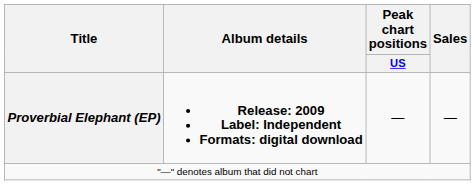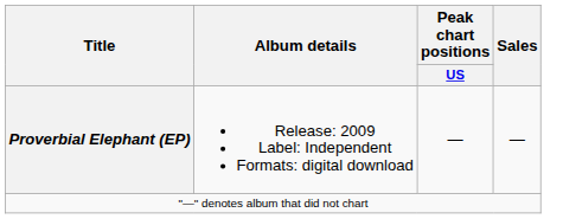 <table class="wikitable plainrowheaders" style="text-align:center;">
 <tr>
 <th scope="col" rowspan="2">Title</th>
 <th scope="col" rowspan="2">Album details</th>
 <th scope="col" colspan="1">Peak chart positions</th>
 <th scope="col" rowspan="2">Sales</th>
 </tr>
 <tr>
 <th scope="col" style="width:3em;font-size:85%;"><a href='#'>US</a></th>
 </tr>
 <tr>
 <th scope="row"><em>Proverbial Elephant (EP)</em></th>
-<td><strong><br><ul><li>Release: 2009</li><li>Label: Independent</li><li>Formats: digital download</li></ul></strong></td>
+<td><br><ul><li>Release: 2009</li><li>Label: Independent</li><li>Formats: digital download</li></ul></td>
 <td>—</td>
 <td>—</td>
 </tr>
 <tr>
 <td colspan="9" style="font-size:9pt">"—" denotes album that did not chart</td>
 </tr>
 </table>
